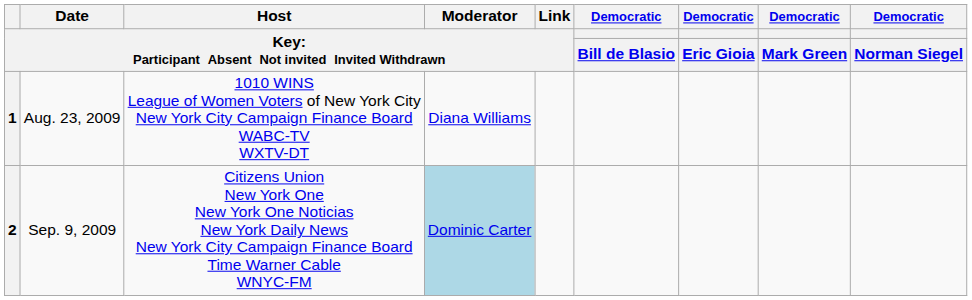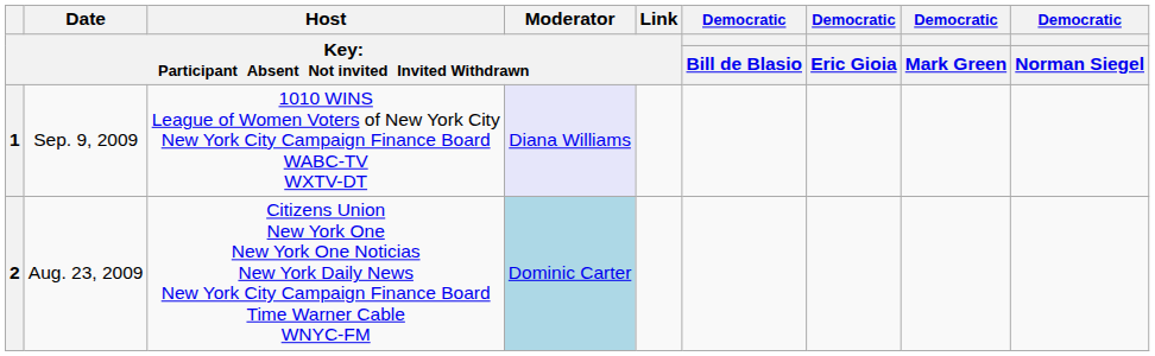 <table class="wikitable" style="text-align:center;">
 <tr>
 <th scope="col"></th>
 <th scope="col">Date</th>
 <th scope="col">Host</th>
 <th scope="col">Moderator</th>
 <th scope="col">Link</th>
 <th scope="col"><small><a href='#'>Democratic</a></small></th>
 <th scope="col"><small><a href='#'>Democratic</a></small></th>
 <th scope="col"><small><a href='#'>Democratic</a></small></th>
 <th scope="col"><small><a href='#'>Democratic</a></small></th>
 </tr>
 <tr>
 <th colspan="5" rowspan="2">Key:<br> <small>Participant </small>  <small>Absent </small>  <small>Not invited </small>  <small>Invited  Withdrawn</small></th>
 <th scope="col" style="background:"></th>
 <th scope="col" style="background:"></th>
 <th scope="col" style="background:"></th>
 <th scope="col" style="background:"></th>
 </tr>
 <tr>
 <th scope="col"><a href='#'>Bill de Blasio</a></th>
 <th scope="col"><a href='#'>Eric Gioia</a></th>
 <th scope="col"><a href='#'>Mark Green</a></th>
 <th scope="col"><a href='#'>Norman Siegel</a></th>
 </tr>
 <tr>
 <th>1</th>
-<td style="white-space:nowrap;">Aug. 23, 2009</td>
+<td style="white-space:nowrap;">Sep. 9, 2009</td>
 <td style="white-space:nowrap;"><a href='#'>1010 WINS</a><br><a href='#'>League of Women Voters</a> of New York City<br><a href='#'>New York City Campaign Finance Board</a><br><a href='#'>WABC-TV</a><br><a href='#'>WXTV-DT</a></td>
-<td style="white-space:nowrap;"><a href='#'>Diana Williams</a></td>
+<td style="background: lavender; white-space:nowrap;"><a href='#'>Diana Williams</a></td>
 <td style="white-space:nowrap;"></td>
 <td></td>
 <td></td>
 <td></td>
 <td></td>
 </tr>
 <tr>
 <th>2</th>
-<td style="white-space:nowrap;">Sep. 9, 2009</td>
+<td style="white-space:nowrap;">Aug. 23, 2009</td>
 <td style="white-space:nowrap;"><a href='#'>Citizens Union</a><br><a href='#'>New York One</a><br><a href='#'>New York One Noticias</a><br><a href='#'>New York Daily News</a><br><a href='#'>New York City Campaign Finance Board</a><br><a href='#'>Time Warner Cable</a><br><a href='#'>WNYC-FM</a></td>
 <td style="background: lightblue; white-space:nowrap;"><a href='#'>Dominic Carter</a></td>
 <td style="white-space:nowrap;"></td>
 <td></td>
 <td></td>
 <td></td>
 <td></td>
 </tr>
 </table>
